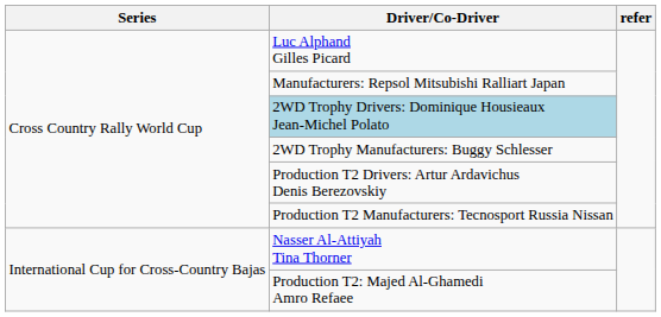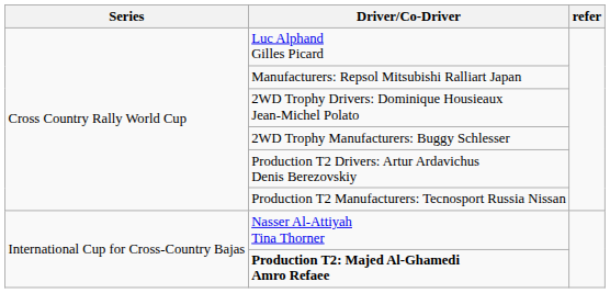 <table class="wikitable" style="font-size: 87%;">
 <tr>
 <th>Series</th>
 <th>Driver/Co-Driver</th>
 <th>refer</th>
 </tr>
 <tr>
 <td rowspan=6>Cross Country Rally World Cup</td>
 <td> <a href='#'>Luc Alphand</a><br> Gilles Picard</td>
 <td rowspan=6></td>
 </tr>
 <tr>
 <td>Manufacturers:  Repsol Mitsubishi Ralliart Japan</td>
 </tr>
 <tr>
-<td style="background: lightblue;">2WD Trophy Drivers:  Dominique Housieaux<br> Jean-Michel Polato</td>
+<td>2WD Trophy Drivers:  Dominique Housieaux<br> Jean-Michel Polato</td>
 </tr>
 <tr>
 <td>2WD Trophy Manufacturers:  Buggy Schlesser</td>
 </tr>
 <tr>
 <td>Production T2 Drivers:  Artur Ardavichus<br> Denis Berezovskiy</td>
 </tr>
 <tr>
 <td>Production T2 Manufacturers:  Tecnosport Russia Nissan</td>
 </tr>
 <tr>
 <td rowspan=2>International Cup for Cross-Country Bajas</td>
 <td> <a href='#'>Nasser Al-Attiyah</a><br> <a href='#'>Tina Thorner</a></td>
 <td rowspan=2></td>
 </tr>
 <tr>
-<td>Production T2:  Majed Al-Ghamedi<br> Amro Refaee</td>
+<td><strong>Production T2:  Majed Al-Ghamedi<br> Amro Refaee</strong></td>
 </tr>
 </table>
